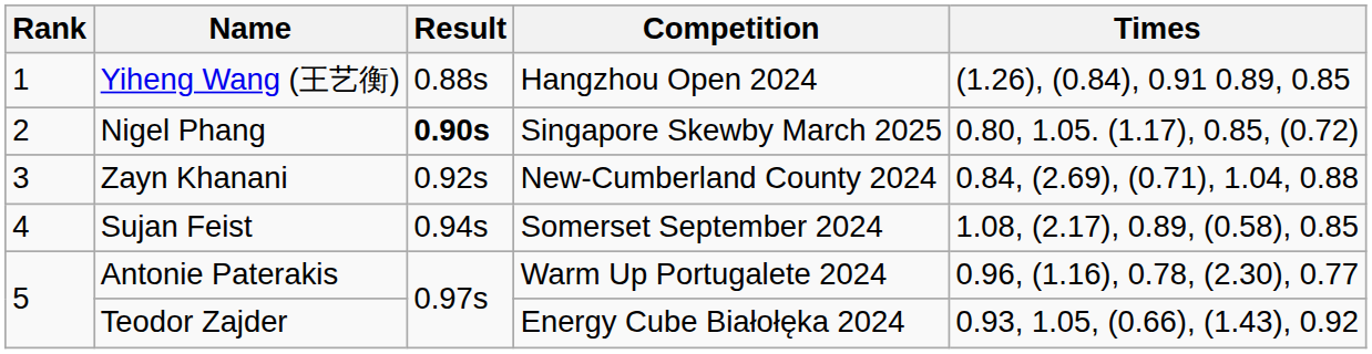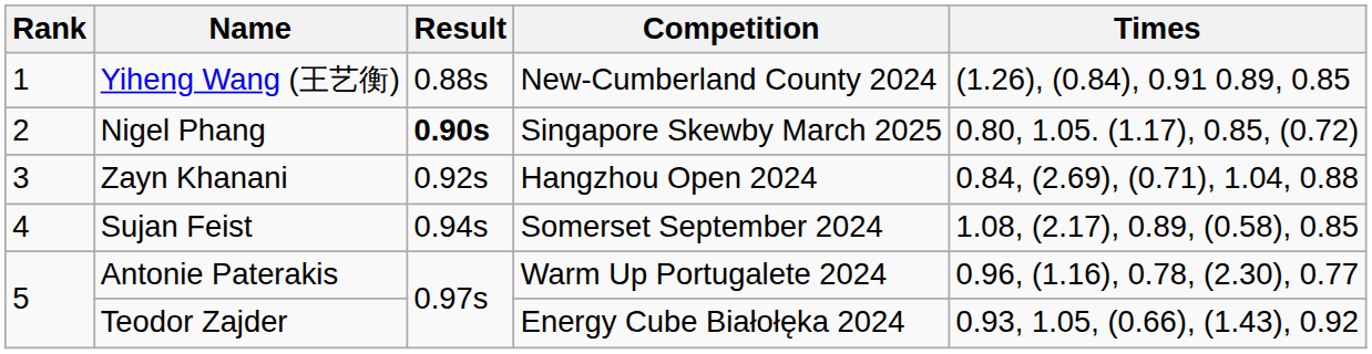 <table class="wikitable">
 <tr>
 <th>Rank</th>
 <th>Name</th>
 <th>Result</th>
 <th>Competition</th>
 <th>Times</th>
 </tr>
 <tr>
 <td>1</td>
 <td> <a href='#'>Yiheng Wang</a> (王艺衡)</td>
 <td>0.88s</td>
-<td> Hangzhou Open 2024</td>
+<td> New-Cumberland County 2024</td>
 <td>(1.26), (0.84), 0.91	0.89, 0.85</td>
 </tr>
 <tr>
 <td>2</td>
 <td> Nigel Phang</td>
 <td><strong>0.90s</strong></td>
 <td> Singapore Skewby March 2025</td>
 <td>0.80, 1.05. (1.17), 0.85, (0.72)</td>
 </tr>
 <tr>
 <td>3</td>
 <td> Zayn Khanani</td>
 <td>0.92s</td>
-<td> New-Cumberland County 2024</td>
+<td> Hangzhou Open 2024</td>
 <td>0.84, (2.69), (0.71), 1.04, 0.88</td>
 </tr>
 <tr>
 <td>4</td>
 <td> Sujan Feist</td>
 <td>0.94s</td>
 <td> Somerset September 2024</td>
 <td>1.08, (2.17), 0.89, (0.58), 0.85</td>
 </tr>
 <tr>
 <td rowspan="2">5</td>
 <td> Antonie Paterakis</td>
 <td rowspan="2">0.97s</td>
 <td> Warm Up Portugalete 2024</td>
 <td>0.96, (1.16), 0.78, (2.30), 0.77</td>
 </tr>
 <tr>
 <td> Teodor Zajder</td>
 <td> Energy Cube Białołęka 2024</td>
 <td>0.93, 1.05, (0.66), (1.43), 0.92</td>
 </tr>
 </table>
